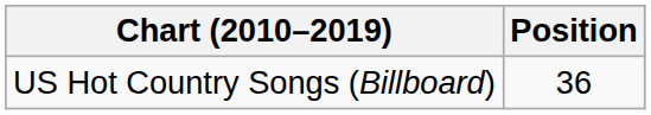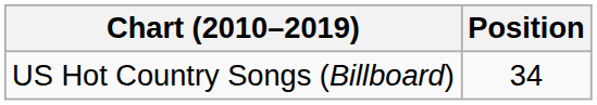 <table class="wikitable">
 <tr>
 <th>Chart (2010–2019)</th>
 <th>Position</th>
 </tr>
 <tr>
 <td>US Hot Country Songs (<em>Billboard</em>)</td>
-<td style="text-align:center;">36</td>
+<td style="text-align:center;">34</td>
 </tr>
 </table>
